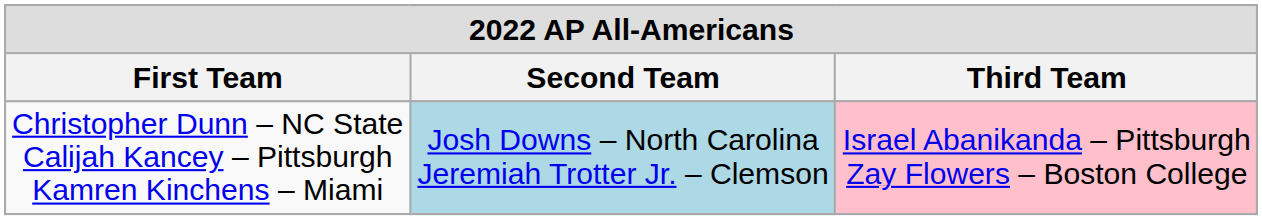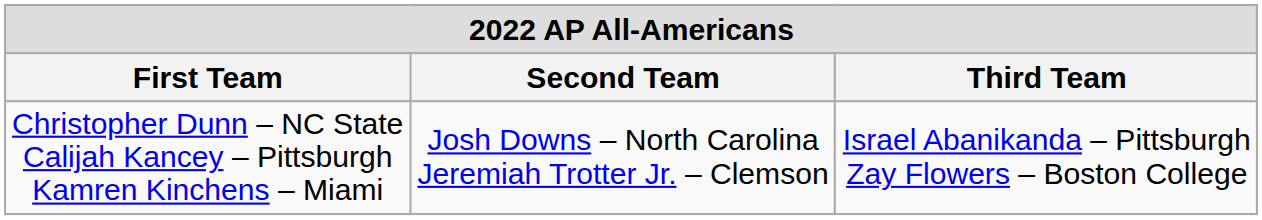 <table class="wikitable" style="white-space:nowrap; text-align:center; font-size:90%;">
 <tr>
 <td colspan="7" style="text-align:center; background:#ddd;"><strong>2022 AP All-Americans</strong></td>
 </tr>
 <tr>
 <th>First Team</th>
 <th>Second Team</th>
 <th>Third Team</th>
 </tr>
 <tr>
 <td><a href='#'>Christopher Dunn</a> – NC State<br><a href='#'>Calijah Kancey</a> – Pittsburgh<br><a href='#'>Kamren Kinchens</a> – Miami</td>
-<td style="background: lightblue;"><a href='#'>Josh Downs</a> – North Carolina<br><a href='#'>Jeremiah Trotter Jr.</a> – Clemson</td>
-<td style="background: pink;"><a href='#'>Israel Abanikanda</a> – Pittsburgh<br><a href='#'>Zay Flowers</a> – Boston College</td>
+<td><a href='#'>Josh Downs</a> – North Carolina<br><a href='#'>Jeremiah Trotter Jr.</a> – Clemson</td>
+<td><a href='#'>Israel Abanikanda</a> – Pittsburgh<br><a href='#'>Zay Flowers</a> – Boston College</td>
 </tr>
 </table>
